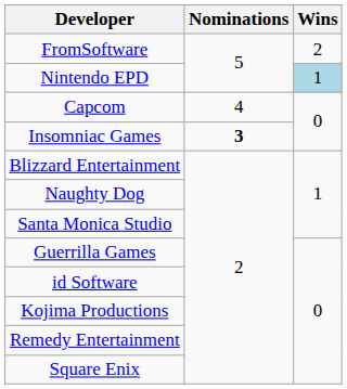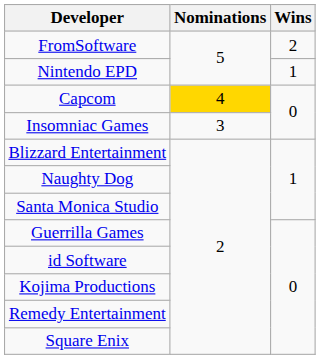 <table class="wikitable sortable plainrowheaders" style="text-align:center;">
 <tr>
 <th scope="col">Developer</th>
 <th scope="col">Nominations</th>
 <th scope="col">Wins</th>
 </tr>
 <tr>
 <td><a href='#'>FromSoftware</a></td>
 <td rowspan="2">5</td>
 <td>2</td>
 </tr>
 <tr>
 <td><a href='#'>Nintendo EPD</a></td>
-<td style="background: lightblue;">1</td>
+<td>1</td>
 </tr>
 <tr>
 <td><a href='#'>Capcom</a></td>
-<td>4</td>
+<td style="background: gold;">4</td>
 <td rowspan="2">0</td>
 </tr>
 <tr>
 <td><a href='#'>Insomniac Games</a></td>
-<td><strong>3</strong></td>
+<td>3</td>
 </tr>
 <tr>
 <td><a href='#'>Blizzard Entertainment</a></td>
 <td rowspan="8">2</td>
 <td rowspan="3">1</td>
 </tr>
 <tr>
 <td><a href='#'>Naughty Dog</a></td>
 </tr>
 <tr>
 <td><a href='#'>Santa Monica Studio</a></td>
 </tr>
 <tr>
 <td><a href='#'>Guerrilla Games</a></td>
 <td rowspan="5">0</td>
 </tr>
 <tr>
 <td><a href='#'>id Software</a></td>
 </tr>
 <tr>
 <td><a href='#'>Kojima Productions</a></td>
 </tr>
 <tr>
 <td><a href='#'>Remedy Entertainment</a></td>
 </tr>
 <tr>
 <td><a href='#'>Square Enix</a></td>
 </tr>
 </table>
